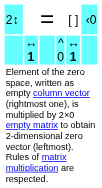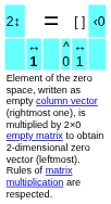 <table table align=right valign=center width="32em" style="margin-left:2em">
 <tr align=center>
 <td bgcolor=#66FFFF align=right>2<span>↕</span> </td>
 <td></td>
 <td style="font-size:200%">=</td>
 <td></td>
 <td><span>[</span> <span>]</span></td>
 <td bgcolor=#66FFFF align=left> ‹0</td>
 </tr>
 <tr bgcolor=#66FFFF align=center>
 <td></td>
 <td><strong>↔<br>1</strong></td>
 <td></td>
 <td>^<br>0</td>
-<td><strong>↔<br>1</strong></td>
+<td>↔<br>1</td>
 <td></td>
 </tr>
 <tr>
 <td colspan=6 style="font-size:75%">Element of the zero space, written as empty <a href='#'>column vector</a> (rightmost one), is multiplied by 2×0 <a href='#'>empty matrix</a> to obtain 2-dimensional zero vector (leftmost). Rules of <a href='#'>matrix multiplication</a> are respected.</td>
 </tr>
 </table>
